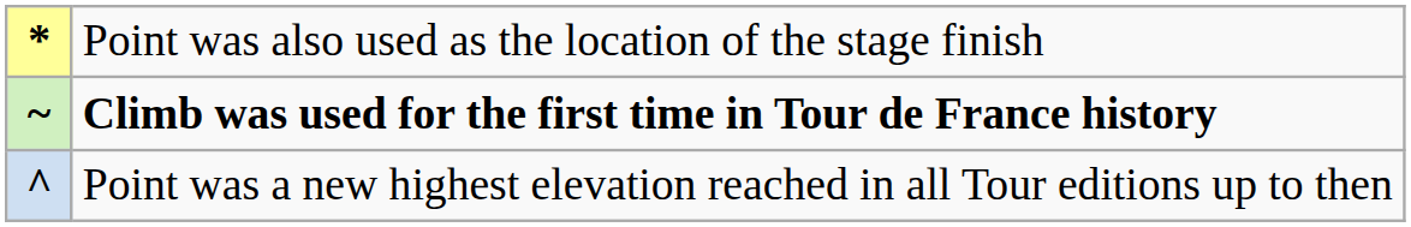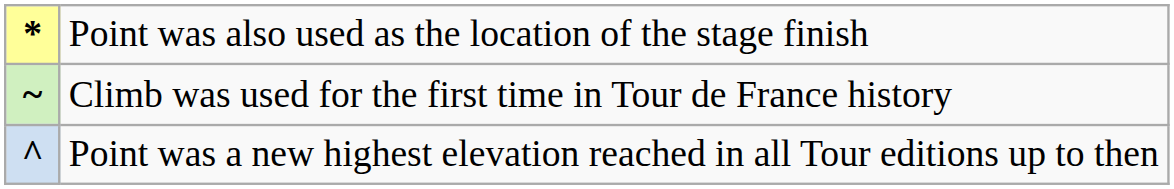 <table class="wikitable plainrowheaders">
 <tr>
 <th scope="row" style="text-align:center; background:#FFFF99;">*</th>
 <td>Point was also used as the location of the stage finish</td>
 </tr>
 <tr>
 <th scope="row" style="text-align:center; background:#D0F0C0;">~</th>
-<td><strong>Climb was used for the first time in Tour de France history</strong></td>
+<td>Climb was used for the first time in Tour de France history</td>
 </tr>
 <tr>
 <th scope="row" style="text-align:center; width:1em; background:#CEDFF2;">^</th>
 <td>Point was a new highest elevation reached in all Tour editions up to then</td>
 </tr>
 </table>
